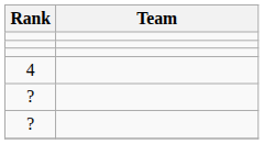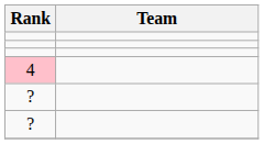 <table class="wikitable" style="text-align:center;">
 <tr>
 <th width=40>Rank</th>
 <th width=180>Team</th>
 </tr>
 <tr>
 <td></td>
 <td align=left></td>
 </tr>
 <tr>
 <td></td>
 <td align=left></td>
 </tr>
 <tr>
 <td></td>
 <td align=left></td>
 </tr>
 <tr>
-<td>4</td>
+<td style="background: pink;">4</td>
 <td align=left></td>
 </tr>
 <tr>
 <td>?</td>
 <td align=left></td>
 </tr>
 <tr>
 <td>?</td>
 <td align=left></td>
 </tr>
 <tr>
 </tr>
 </table>
